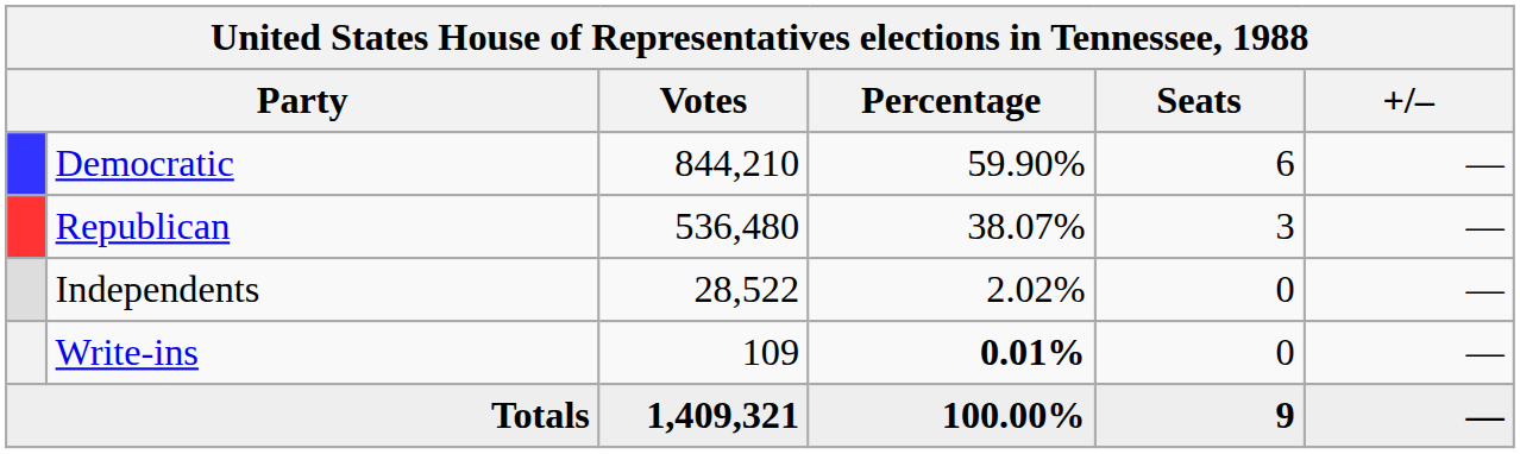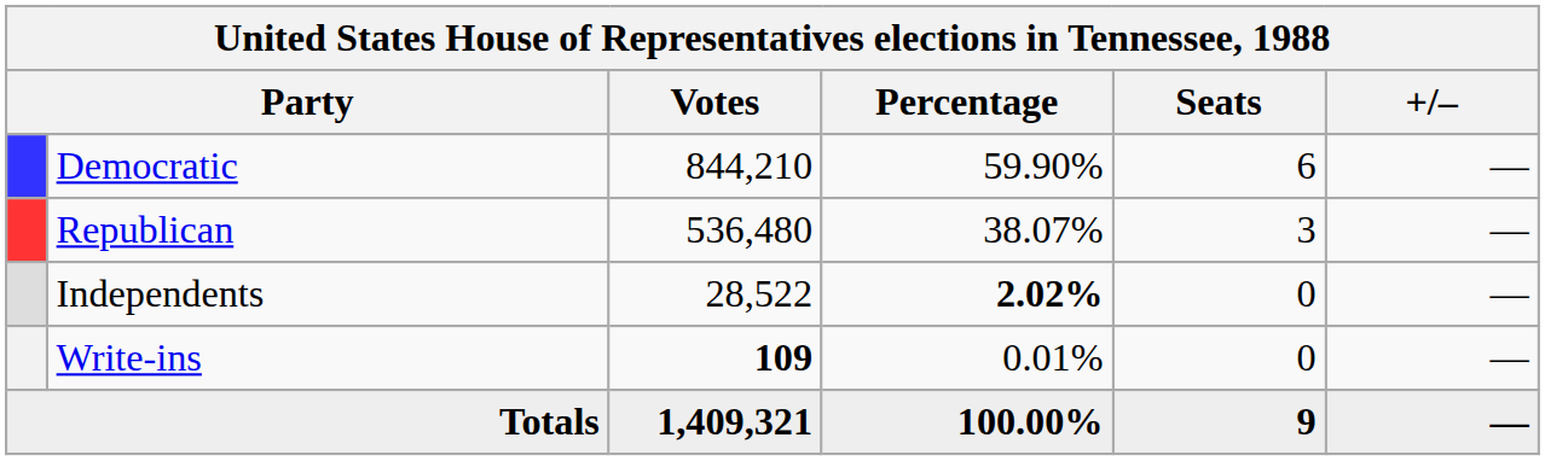 <table class="wikitable" style="font-size: 95%;">
 <tr>
 <th colspan="6">United States House of Representatives elections in Tennessee, 1988</th>
 </tr>
 <tr>
 <th colspan="2" style="width: 15em">Party</th>
 <th style="width: 5em">Votes</th>
 <th style="width: 7em">Percentage</th>
 <th style="width: 5em">Seats</th>
 <th style="width: 5em">+/–</th>
 </tr>
 <tr>
 <th style="background-color:#3333FF; width: 3px"></th>
 <td style="width: 130px"><a href='#'>Democratic</a></td>
 <td align="right">844,210</td>
 <td align="right">59.90%</td>
 <td align="right">6</td>
 <td align="right">—</td>
 </tr>
 <tr>
 <th style="background-color:#FF3333; width: 3px"></th>
 <td style="width: 130px"><a href='#'>Republican</a></td>
 <td align="right">536,480</td>
 <td align="right">38.07%</td>
 <td align="right">3</td>
 <td align="right">—</td>
 </tr>
 <tr>
 <th style="background-color:#DDDDDD; width: 3px"></th>
 <td style="width: 130px">Independents</td>
 <td align="right">28,522</td>
-<td align="right">2.02%</td>
+<td align="right"><strong>2.02%</strong></td>
 <td align="right">0</td>
 <td align="right">—</td>
 </tr>
 <tr>
 <th></th>
 <td><a href='#'>Write-ins</a></td>
-<td align="right">109</td>
-<td align="right"><strong>0.01%</strong></td>
+<td align="right"><strong>109</strong></td>
+<td align="right">0.01%</td>
 <td align="right">0</td>
 <td align="right">—</td>
 </tr>
 <tr bgcolor="#EEEEEE">
 <td colspan="2" align="right"><strong>Totals</strong></td>
 <td align="right"><strong>1,409,321</strong></td>
 <td align="right"><strong>100.00%</strong></td>
 <td align="right"><strong>9</strong></td>
 <td align="right"><strong>—</strong></td>
 </tr>
 </table>
